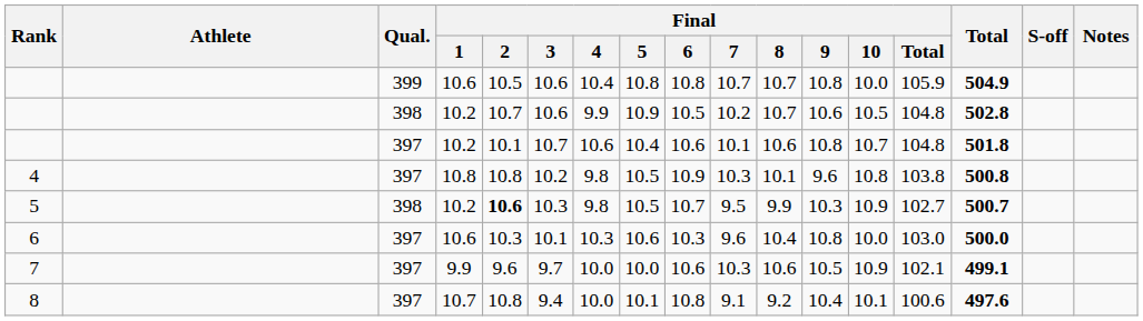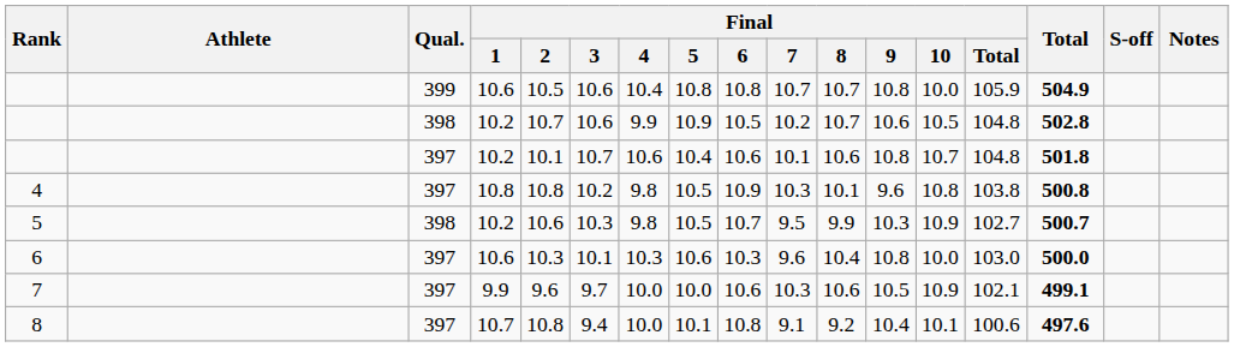 <table class="wikitable" style="text-align:center">
 <tr>
 <th rowspan=2 width=40>Rank</th>
 <th rowspan=2 width=250>Athlete</th>
 <th rowspan=2 width=40>Qual.</th>
 <th colspan=11>Final</th>
 <th rowspan=2 width=50>Total</th>
 <th rowspan=2 width=35>S-off</th>
 <th rowspan=2 width=45>Notes</th>
 </tr>
 <tr>
 <th width=30>1</th>
 <th width=30>2</th>
 <th width=30>3</th>
 <th width=30>4</th>
 <th width=30>5</th>
 <th width=30>6</th>
 <th width=30>7</th>
 <th width=30>8</th>
 <th width=30>9</th>
 <th width=30>10</th>
 <th width=40>Total</th>
 </tr>
 <tr>
 <td></td>
 <td align=left></td>
 <td>399</td>
 <td>10.6</td>
 <td>10.5</td>
 <td>10.6</td>
 <td>10.4</td>
 <td>10.8</td>
 <td>10.8</td>
 <td>10.7</td>
 <td>10.7</td>
 <td>10.8</td>
 <td>10.0</td>
 <td>105.9</td>
 <td><strong>504.9</strong></td>
 <td></td>
 <td></td>
 </tr>
 <tr>
 <td></td>
 <td align=left></td>
 <td>398</td>
 <td>10.2</td>
 <td>10.7</td>
 <td>10.6</td>
 <td>9.9</td>
 <td>10.9</td>
 <td>10.5</td>
 <td>10.2</td>
 <td>10.7</td>
 <td>10.6</td>
 <td>10.5</td>
 <td>104.8</td>
 <td><strong>502.8</strong></td>
 <td></td>
 <td></td>
 </tr>
 <tr>
 <td></td>
 <td align=left></td>
 <td>397</td>
 <td>10.2</td>
 <td>10.1</td>
 <td>10.7</td>
 <td>10.6</td>
 <td>10.4</td>
 <td>10.6</td>
 <td>10.1</td>
 <td>10.6</td>
 <td>10.8</td>
 <td>10.7</td>
 <td>104.8</td>
 <td><strong>501.8</strong></td>
 <td></td>
 <td></td>
 </tr>
 <tr>
 <td>4</td>
 <td align=left></td>
 <td>397</td>
 <td>10.8</td>
 <td>10.8</td>
 <td>10.2</td>
 <td>9.8</td>
 <td>10.5</td>
 <td>10.9</td>
 <td>10.3</td>
 <td>10.1</td>
 <td>9.6</td>
 <td>10.8</td>
 <td>103.8</td>
 <td><strong>500.8</strong></td>
 <td></td>
 <td></td>
 </tr>
 <tr>
 <td>5</td>
 <td align=left></td>
 <td>398</td>
 <td>10.2</td>
-<td><strong>10.6</strong></td>
+<td>10.6</td>
 <td>10.3</td>
 <td>9.8</td>
 <td>10.5</td>
 <td>10.7</td>
 <td>9.5</td>
 <td>9.9</td>
 <td>10.3</td>
 <td>10.9</td>
 <td>102.7</td>
 <td><strong>500.7</strong></td>
 <td></td>
 <td></td>
 </tr>
 <tr>
 <td>6</td>
 <td align=left></td>
 <td>397</td>
 <td>10.6</td>
 <td>10.3</td>
 <td>10.1</td>
 <td>10.3</td>
 <td>10.6</td>
 <td>10.3</td>
 <td>9.6</td>
 <td>10.4</td>
 <td>10.8</td>
 <td>10.0</td>
 <td>103.0</td>
 <td><strong>500.0</strong></td>
 <td></td>
 <td></td>
 </tr>
 <tr>
 <td>7</td>
 <td align=left></td>
 <td>397</td>
 <td>9.9</td>
 <td>9.6</td>
 <td>9.7</td>
 <td>10.0</td>
 <td>10.0</td>
 <td>10.6</td>
 <td>10.3</td>
 <td>10.6</td>
 <td>10.5</td>
 <td>10.9</td>
 <td>102.1</td>
 <td><strong>499.1</strong></td>
 <td></td>
 <td></td>
 </tr>
 <tr>
 <td>8</td>
 <td align=left></td>
 <td>397</td>
 <td>10.7</td>
 <td>10.8</td>
 <td>9.4</td>
 <td>10.0</td>
 <td>10.1</td>
 <td>10.8</td>
 <td>9.1</td>
 <td>9.2</td>
 <td>10.4</td>
 <td>10.1</td>
 <td>100.6</td>
 <td><strong>497.6</strong></td>
 <td></td>
 <td></td>
 </tr>
 </table>
